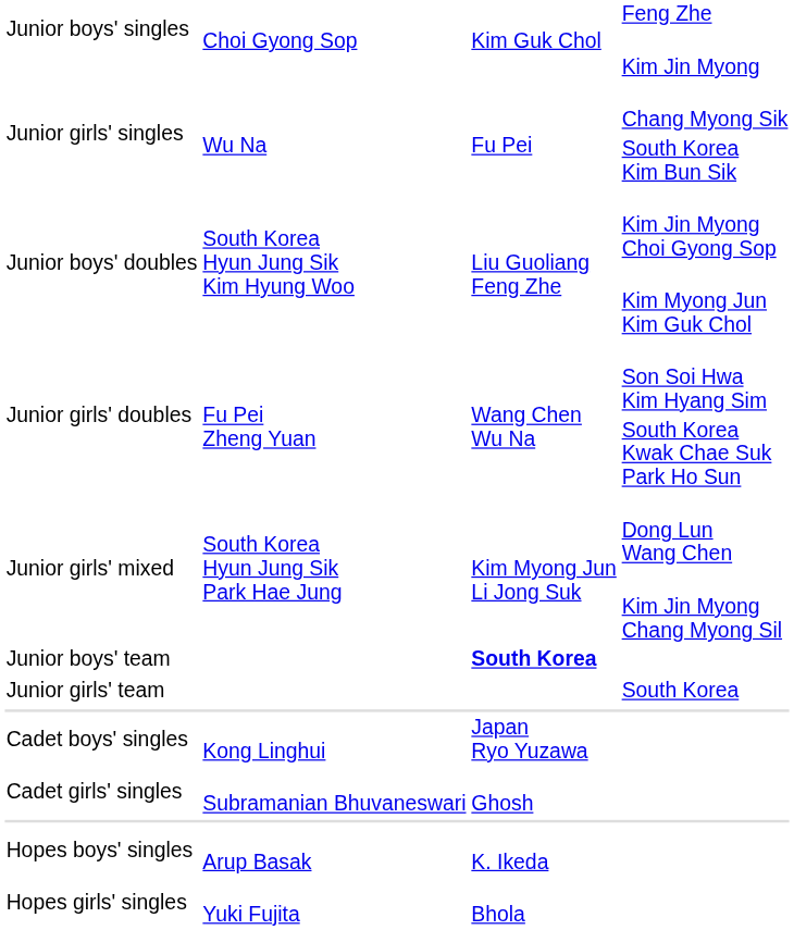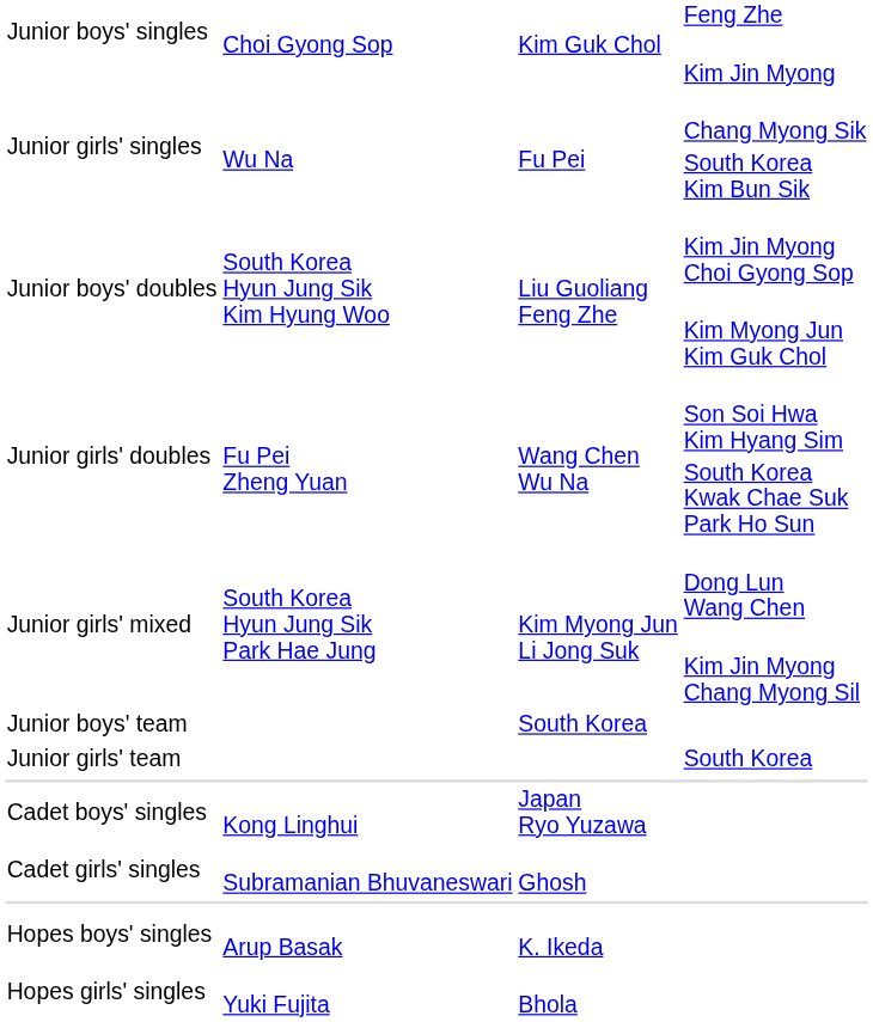 <table>
 <tr>
 <td rowspan=2>Junior boys' singles</td>
 <td rowspan=2><br><a href='#'>Choi Gyong Sop</a></td>
 <td rowspan=2><br><a href='#'>Kim Guk Chol</a></td>
 <td><br><a href='#'>Feng Zhe</a></td>
 </tr>
 <tr>
 <td><br><a href='#'>Kim Jin Myong</a></td>
 </tr>
 <tr>
 <td rowspan=2>Junior girls' singles</td>
 <td rowspan=2><br><a href='#'>Wu Na</a></td>
 <td rowspan=2><br><a href='#'>Fu Pei</a></td>
 <td><br><a href='#'>Chang Myong Sik</a></td>
 </tr>
 <tr>
 <td> <a href='#'>South Korea</a><br><a href='#'>Kim Bun Sik</a></td>
 </tr>
 <tr>
 <td rowspan=2>Junior boys' doubles</td>
 <td rowspan=2> <a href='#'>South Korea</a><br><a href='#'>Hyun Jung Sik</a><br><a href='#'>Kim Hyung Woo</a></td>
 <td rowspan=2><br><a href='#'>Liu Guoliang</a><br><a href='#'>Feng Zhe</a></td>
 <td><br><a href='#'>Kim Jin Myong</a><br><a href='#'>Choi Gyong Sop</a></td>
 </tr>
 <tr>
 <td><br><a href='#'>Kim Myong Jun</a><br><a href='#'>Kim Guk Chol</a></td>
 </tr>
 <tr>
 <td rowspan=2>Junior girls' doubles</td>
 <td rowspan=2><br><a href='#'>Fu Pei</a><br><a href='#'>Zheng Yuan</a></td>
 <td rowspan=2><br><a href='#'>Wang Chen</a><br><a href='#'>Wu Na</a></td>
 <td><br><a href='#'>Son Soi Hwa</a><br><a href='#'>Kim Hyang Sim</a></td>
 </tr>
 <tr>
 <td> <a href='#'>South Korea</a><br><a href='#'>Kwak Chae Suk</a><br><a href='#'>Park Ho Sun</a></td>
 </tr>
 <tr>
 <td rowspan=2>Junior girls' mixed</td>
 <td rowspan=2> <a href='#'>South Korea</a><br><a href='#'>Hyun Jung Sik</a><br><a href='#'>Park Hae Jung</a></td>
 <td rowspan=2><br><a href='#'>Kim Myong Jun</a><br><a href='#'>Li Jong Suk</a></td>
 <td><br><a href='#'>Dong Lun</a><br><a href='#'>Wang Chen</a></td>
 </tr>
 <tr>
 <td><br><a href='#'>Kim Jin Myong</a><br><a href='#'>Chang Myong Sil</a></td>
 </tr>
 <tr>
 <td rowspan=1>Junior boys' team</td>
 <td rowspan=1></td>
-<td rowspan=1><strong> <a href='#'>South Korea</a></strong></td>
+<td rowspan=1> <a href='#'>South Korea</a></td>
 <td></td>
 </tr>
 <tr>
 </tr>
 <tr>
 <td rowspan=1>Junior girls' team</td>
 <td rowspan=1></td>
 <td rowspan=1></td>
 <td> <a href='#'>South Korea</a></td>
 </tr>
 <tr>
 </tr>
 <tr style="background:#dddddd;">
 <td colspan=7></td>
 </tr>
 <tr>
 <td rowspan=2>Cadet boys' singles</td>
 <td rowspan=2><br><a href='#'>Kong Linghui</a></td>
 <td rowspan=2> <a href='#'>Japan</a><br><a href='#'>Ryo Yuzawa</a></td>
 <td></td>
 </tr>
 <tr>
 <td></td>
 </tr>
 <tr>
 <td rowspan=2>Cadet girls' singles</td>
 <td rowspan=2><br><a href='#'>Subramanian Bhuvaneswari</a></td>
 <td rowspan=2><br><a href='#'>Ghosh</a></td>
 <td></td>
 </tr>
 <tr>
 <td></td>
 </tr>
 <tr style="background:#dddddd;">
 <td colspan=7></td>
 </tr>
 <tr>
 <td rowspan=2>Hopes boys' singles</td>
 <td rowspan=2><br><a href='#'>Arup Basak</a></td>
 <td rowspan=2><br><a href='#'>K. Ikeda</a></td>
 <td></td>
 </tr>
 <tr>
 <td></td>
 </tr>
 <tr>
 <td rowspan=2>Hopes girls' singles</td>
 <td rowspan=2><br><a href='#'>Yuki Fujita</a></td>
 <td rowspan=2><br><a href='#'>Bhola</a></td>
 <td></td>
 </tr>
 <tr>
 <td></td>
 </tr>
 <tr>
 </tr>
 </table>
